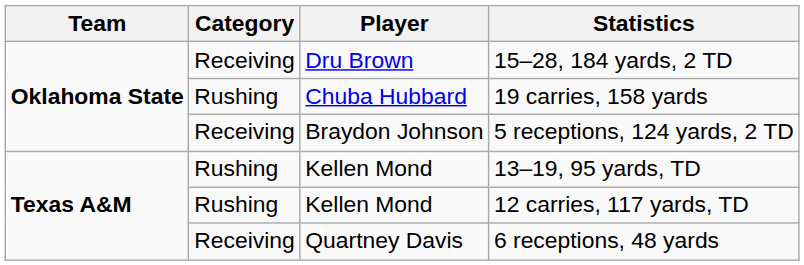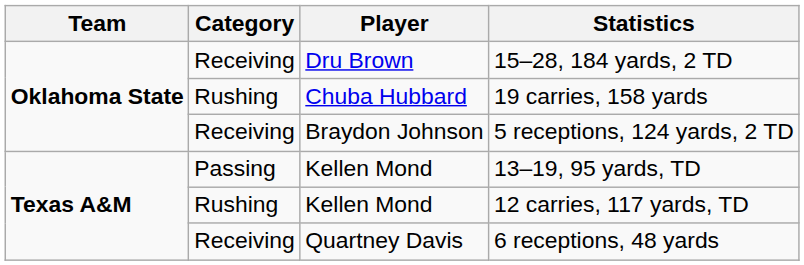 <table class="wikitable" style="float: right;">
 <tr>
 <th>Team</th>
 <th>Category</th>
 <th>Player</th>
 <th>Statistics</th>
 </tr>
 <tr>
 <td rowspan=3><strong>Oklahoma State</strong></td>
 <td>Receiving</td>
 <td><a href='#'>Dru Brown</a></td>
 <td>15–28, 184 yards, 2 TD</td>
 </tr>
 <tr>
 <td>Rushing</td>
 <td><a href='#'>Chuba Hubbard</a></td>
 <td>19 carries, 158 yards</td>
 </tr>
 <tr>
 <td>Receiving</td>
 <td>Braydon Johnson</td>
 <td>5 receptions, 124 yards, 2 TD</td>
 </tr>
 <tr>
 <td rowspan=3><strong>Texas A&M</strong></td>
-<td>Rushing</td>
+<td>Passing</td>
 <td>Kellen Mond</td>
 <td>13–19, 95 yards, TD</td>
 </tr>
 <tr>
 <td>Rushing</td>
 <td>Kellen Mond</td>
 <td>12 carries, 117 yards, TD</td>
 </tr>
 <tr>
 <td>Receiving</td>
 <td>Quartney Davis</td>
 <td>6 receptions, 48 yards</td>
 </tr>
 </table>
